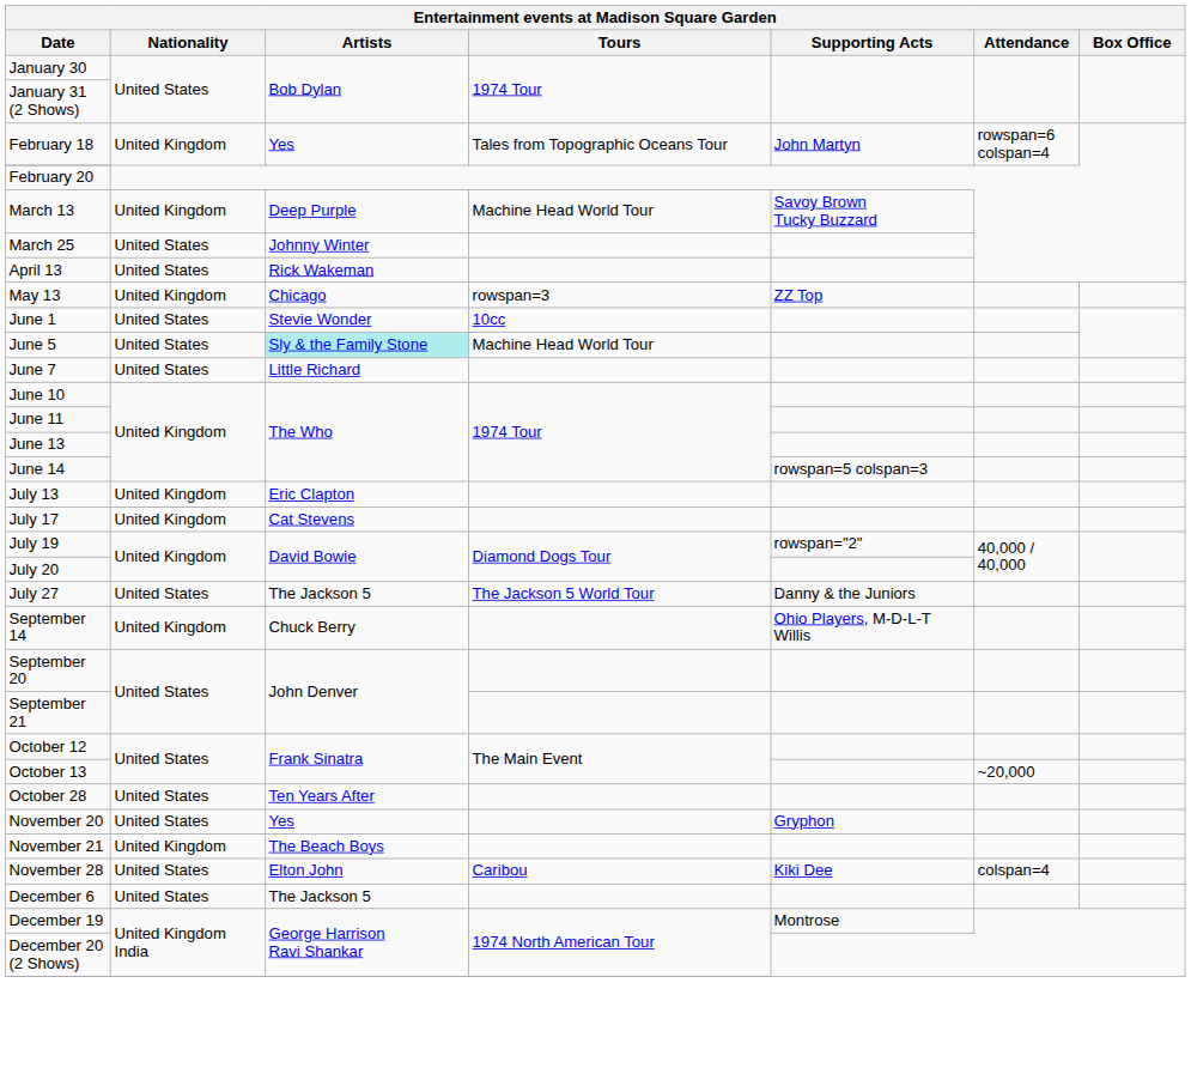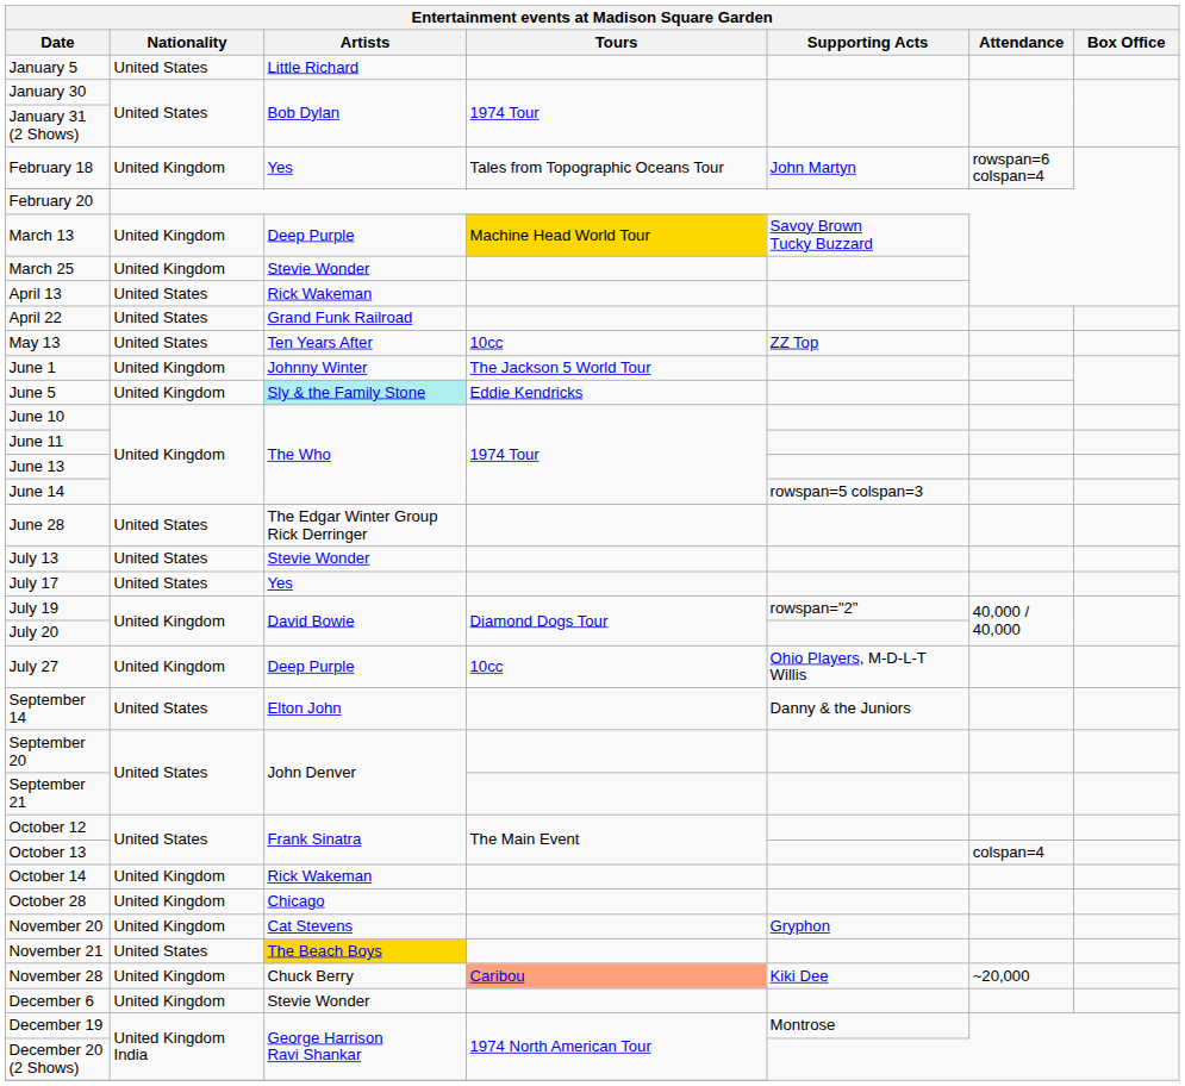 <table class="wikitable">
 <tr>
 <th colspan="7">Entertainment events at Madison Square Garden</th>
 </tr>
 <tr>
 <th width=100>Date</th>
 <th width=150>Nationality</th>
 <th width=200>Artists</th>
 <th width=300>Tours</th>
 <th width=200>Supporting Acts</th>
 <th width=100>Attendance</th>
 <th width=100>Box Office</th>
+</tr>
+<tr>
+<td>January 5</td>
+<td>United States</td>
+<td><a href='#'>Little Richard</a></td>
+<td></td>
+<td></td>
+<td></td>
+<td></td>
 </tr>
 <tr>
 <td>January 30</td>
 <td rowspan="2">United States</td>
 <td rowspan="2"><a href='#'>Bob Dylan</a></td>
 <td rowspan="2"><a href='#'>1974 Tour</a></td>
 <td rowspan="2"></td>
 <td rowspan="2"></td>
 <td rowspan="2"></td>
 </tr>
 <tr>
 <td>January 31<br>(2 Shows)</td>
 </tr>
 <tr>
 <td>February 18</td>
 <td rowspan=2>United Kingdom</td>
 <td rowspan=2><a href='#'>Yes</a></td>
 <td rowspan=2>Tales from Topographic Oceans Tour</td>
 <td rowspan=2><a href='#'>John Martyn</a></td>
 <td>rowspan=6 colspan=4 </td>
 </tr>
 <tr>
 </tr>
 <tr>
 <td>February 20</td>
 </tr>
 <tr>
 <td>March 13</td>
 <td>United Kingdom</td>
 <td><a href='#'>Deep Purple</a></td>
-<td>Machine Head World Tour</td>
+<td style="background: gold;">Machine Head World Tour</td>
 <td><a href='#'>Savoy Brown</a><br><a href='#'>Tucky Buzzard</a></td>
 </tr>
 <tr>
 <td>March 25</td>
-<td>United States</td>
-<td><a href='#'>Johnny Winter</a></td>
+<td>United Kingdom</td>
+<td><a href='#'>Stevie Wonder</a></td>
 <td></td>
 <td></td>
 </tr>
 <tr>
 <td>April 13</td>
 <td>United States</td>
 <td><a href='#'>Rick Wakeman</a></td>
 <td></td>
 <td></td>
 </tr>
 <tr>
+<td>April 22</td>
+<td>United States</td>
+<td><a href='#'>Grand Funk Railroad</a></td>
+<td></td>
+<td></td>
+<td></td>
+<td></td>
+</tr>
+<tr>
 <td>May 13</td>
-<td>United Kingdom</td>
-<td><a href='#'>Chicago</a></td>
-<td>rowspan=3 </td>
+<td>United States</td>
+<td><a href='#'>Ten Years After</a></td>
+<td><a href='#'>10cc</a></td>
 <td><a href='#'>ZZ Top</a></td>
 <td></td>
 <td></td>
 </tr>
 <tr>
 <td>June 1</td>
-<td>United States</td>
-<td><a href='#'>Stevie Wonder</a></td>
-<td><a href='#'>10cc</a></td>
+<td>United Kingdom</td>
+<td><a href='#'>Johnny Winter</a></td>
+<td><a href='#'>The Jackson 5 World Tour</a></td>
 <td></td>
 <td></td>
 </tr>
 <tr>
 <td>June 5</td>
-<td>United States</td>
+<td>United Kingdom</td>
 <td style="background: paleturquoise;"><a href='#'>Sly & the Family Stone</a></td>
-<td>Machine Head World Tour</td>
-<td></td>
-<td></td>
-</tr>
-<tr>
-<td>June 7</td>
-<td>United States</td>
-<td><a href='#'>Little Richard</a></td>
-<td></td>
-<td></td>
+<td><a href='#'>Eddie Kendricks</a></td>
 <td></td>
 <td></td>
 </tr>
 <tr>
 <td>June 10</td>
 <td rowspan="4">United Kingdom</td>
 <td rowspan="4"><a href='#'>The Who</a></td>
 <td rowspan="4"><a href='#'>1974 Tour</a></td>
 <td></td>
 <td></td>
 <td></td>
 </tr>
 <tr>
 <td>June 11</td>
 <td></td>
 <td></td>
 <td></td>
 </tr>
 <tr>
 <td>June 13</td>
 <td></td>
 <td></td>
 <td></td>
 </tr>
 <tr>
 <td>June 14</td>
 <td>rowspan=5 colspan=3 </td>
 <td></td>
 <td></td>
 </tr>
 <tr>
+<td>June 28</td>
+<td>United States</td>
+<td>The Edgar Winter Group<br>Rick Derringer</td>
+<td></td>
+<td></td>
+<td></td>
+<td></td>
+</tr>
+<tr>
 <td>July 13</td>
-<td>United Kingdom</td>
-<td><a href='#'>Eric Clapton</a></td>
+<td>United States</td>
+<td><a href='#'>Stevie Wonder</a></td>
 <td></td>
 <td></td>
 <td></td>
 <td></td>
 </tr>
 <tr>
 <td>July 17</td>
-<td>United Kingdom</td>
-<td><a href='#'>Cat Stevens</a></td>
+<td>United States</td>
+<td><a href='#'>Yes</a></td>
 <td></td>
 <td></td>
 <td></td>
 <td></td>
 </tr>
 <tr>
 <td>July 19</td>
 <td rowspan="2">United Kingdom</td>
 <td rowspan="2"><a href='#'>David Bowie</a></td>
 <td rowspan="2"><a href='#'>Diamond Dogs Tour</a></td>
 <td>rowspan="2" </td>
 <td rowspan="2">40,000 / 40,000</td>
 <td rowspan="2"></td>
 </tr>
 <tr>
 <td>July 20</td>
 </tr>
 <tr>
 <td>July 27</td>
-<td>United States</td>
-<td>The Jackson 5</td>
-<td><a href='#'>The Jackson 5 World Tour</a></td>
-<td>Danny & the Juniors</td>
+<td>United Kingdom</td>
+<td><a href='#'>Deep Purple</a></td>
+<td><a href='#'>10cc</a></td>
+<td><a href='#'>Ohio Players</a>, M-D-L-T Willis</td>
 <td></td>
 <td></td>
 </tr>
 <tr>
 <td>September 14</td>
-<td>United Kingdom</td>
-<td>Chuck Berry</td>
+<td>United States</td>
+<td><a href='#'>Elton John</a></td>
 <td></td>
-<td><a href='#'>Ohio Players</a>, M-D-L-T Willis</td>
+<td>Danny & the Juniors</td>
 <td></td>
 <td></td>
 </tr>
 <tr>
 <td>September 20</td>
 <td rowspan="2">United States</td>
 <td rowspan="2">John Denver</td>
 <td></td>
 <td></td>
 <td></td>
 <td></td>
 </tr>
 <tr>
 <td>September 21</td>
 <td></td>
 <td></td>
 <td></td>
 <td></td>
 </tr>
 <tr>
 <td>October 12</td>
 <td rowspan="2">United States</td>
 <td rowspan="2"><a href='#'>Frank Sinatra</a></td>
 <td rowspan="2">The Main Event</td>
 <td></td>
 <td></td>
 <td></td>
 </tr>
 <tr>
 <td>October 13</td>
 <td></td>
-<td>~20,000</td>
+<td>colspan=4 </td>
+<td></td>
+</tr>
+<tr>
+<td>October 14</td>
+<td>United Kingdom</td>
+<td><a href='#'>Rick Wakeman</a></td>
+<td></td>
+<td></td>
+<td></td>
 <td></td>
 </tr>
 <tr>
 <td>October 28</td>
-<td>United States</td>
-<td><a href='#'>Ten Years After</a></td>
+<td>United Kingdom</td>
+<td><a href='#'>Chicago</a></td>
 <td></td>
 <td></td>
 <td></td>
 <td></td>
 </tr>
 <tr>
 <td>November 20</td>
-<td>United States</td>
-<td><a href='#'>Yes</a></td>
+<td>United Kingdom</td>
+<td><a href='#'>Cat Stevens</a></td>
 <td></td>
 <td><a href='#'>Gryphon</a></td>
 <td></td>
 <td></td>
 </tr>
 <tr>
 <td>November 21</td>
-<td>United Kingdom</td>
-<td><a href='#'>The Beach Boys</a></td>
+<td>United States</td>
+<td style="background: gold;"><a href='#'>The Beach Boys</a></td>
 <td></td>
 <td></td>
 <td></td>
 <td></td>
 </tr>
 <tr>
 <td>November 28</td>
-<td>United States</td>
-<td><a href='#'>Elton John</a></td>
-<td><a href='#'>Caribou</a></td>
+<td>United Kingdom</td>
+<td>Chuck Berry</td>
+<td style="background: lightsalmon;"><a href='#'>Caribou</a></td>
 <td><a href='#'>Kiki Dee</a></td>
-<td>colspan=4 </td>
+<td>~20,000</td>
 </tr>
 <tr>
 <td>December 6</td>
-<td>United States</td>
-<td>The Jackson 5</td>
+<td>United Kingdom</td>
+<td>Stevie Wonder</td>
 <td></td>
 <td></td>
 <td></td>
 <td></td>
 </tr>
 <tr>
 <td>December 19</td>
 <td rowspan="2">United Kingdom<br>India</td>
 <td rowspan="2"><a href='#'>George Harrison</a><br><a href='#'>Ravi Shankar</a></td>
 <td rowspan="2"><a href='#'>1974 North American Tour</a></td>
 <td>Montrose</td>
 </tr>
 <tr>
 <td>December 20<br>(2 Shows)</td>
 </tr>
 <tr>
 </tr>
 </table>
